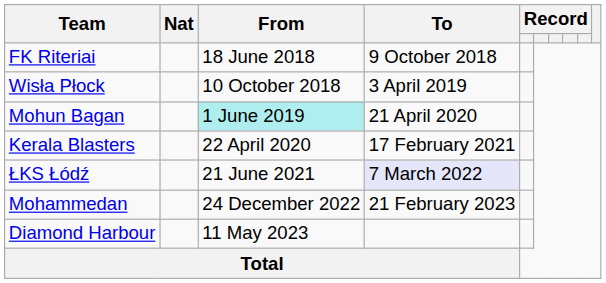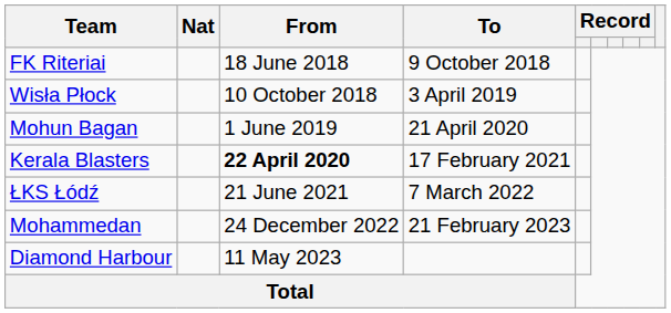 <table class="wikitable" style="text-align: center">
 <tr>
 <th rowspan="2">Team</th>
 <th rowspan="2">Nat</th>
 <th rowspan="2">From</th>
 <th rowspan="2">To</th>
 <th colspan="5">Record</th>
 <th rowspan=2></th>
 </tr>
 <tr>
 <th></th>
 <th></th>
 <th></th>
 <th></th>
 <th></th>
 </tr>
 <tr>
 <td align="left"><a href='#'>FK Riteriai</a></td>
 <td></td>
 <td align=left>18 June 2018</td>
 <td align=left>9 October 2018<br></td>
 <td></td>
 </tr>
 <tr>
 <td align="left"><a href='#'>Wisła Płock</a></td>
 <td></td>
 <td align=left>10 October 2018</td>
 <td align=left>3 April 2019<br></td>
 <td></td>
 </tr>
 <tr>
 <td align="left"><a href='#'>Mohun Bagan</a></td>
 <td></td>
-<td align=left style="background: paleturquoise;">1 June 2019</td>
+<td align=left>1 June 2019</td>
 <td align=left>21 April 2020<br></td>
 <td></td>
 </tr>
 <tr>
 <td align="left"><a href='#'>Kerala Blasters</a></td>
 <td></td>
-<td align=left>22 April 2020</td>
+<td align=left><strong>22 April 2020</strong></td>
 <td align=left>17 February 2021<br></td>
 <td></td>
 </tr>
 <tr>
 <td align="left"><a href='#'>ŁKS Łódź</a></td>
 <td></td>
 <td align=left>21 June 2021</td>
-<td align=left style="background: lavender;">7 March 2022<br></td>
+<td align=left>7 March 2022<br></td>
 <td></td>
 </tr>
 <tr>
 <td align="left"><a href='#'>Mohammedan</a></td>
 <td></td>
 <td align=left>24 December 2022</td>
 <td align=left>21 February 2023<br></td>
 <td></td>
 </tr>
 <tr>
 <td align="left"><a href='#'>Diamond Harbour</a></td>
 <td></td>
 <td align=left>11 May 2023</td>
 <td align=left><br></td>
 <td></td>
 </tr>
 <tr>
 <th colspan="4">Total<br></th>
 </tr>
 </table>
